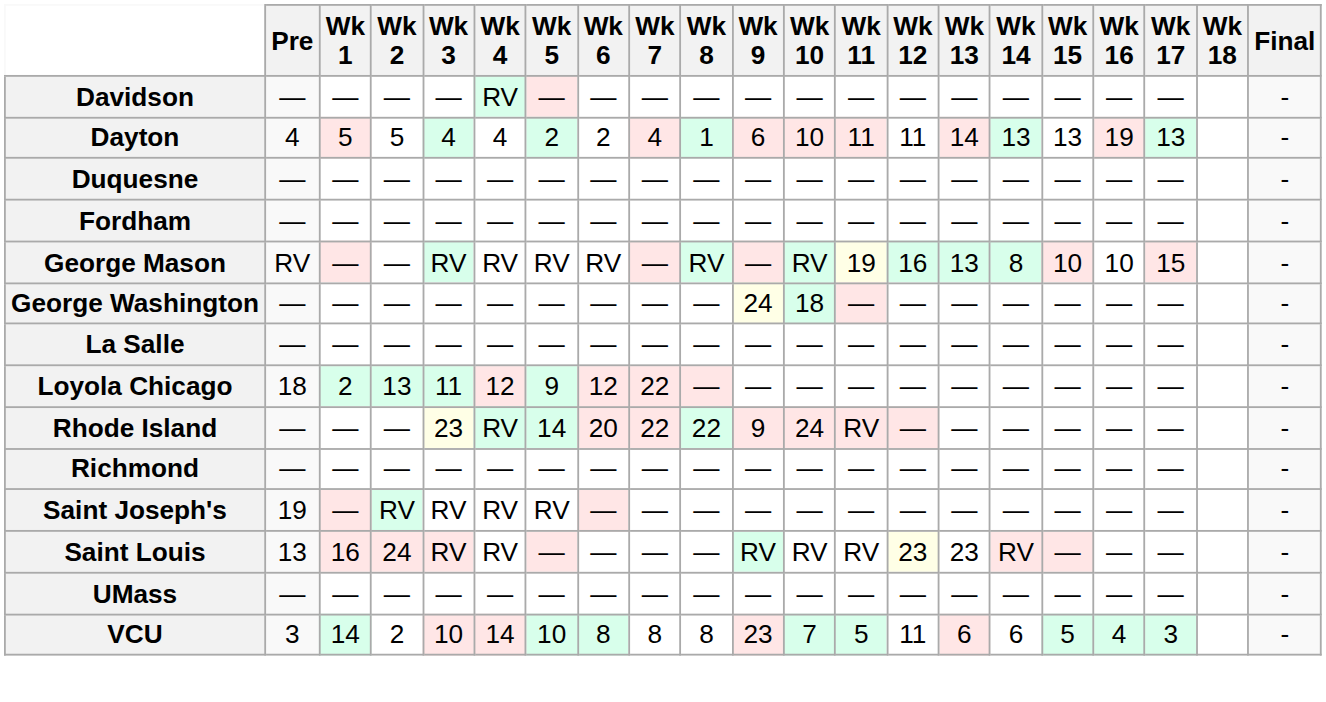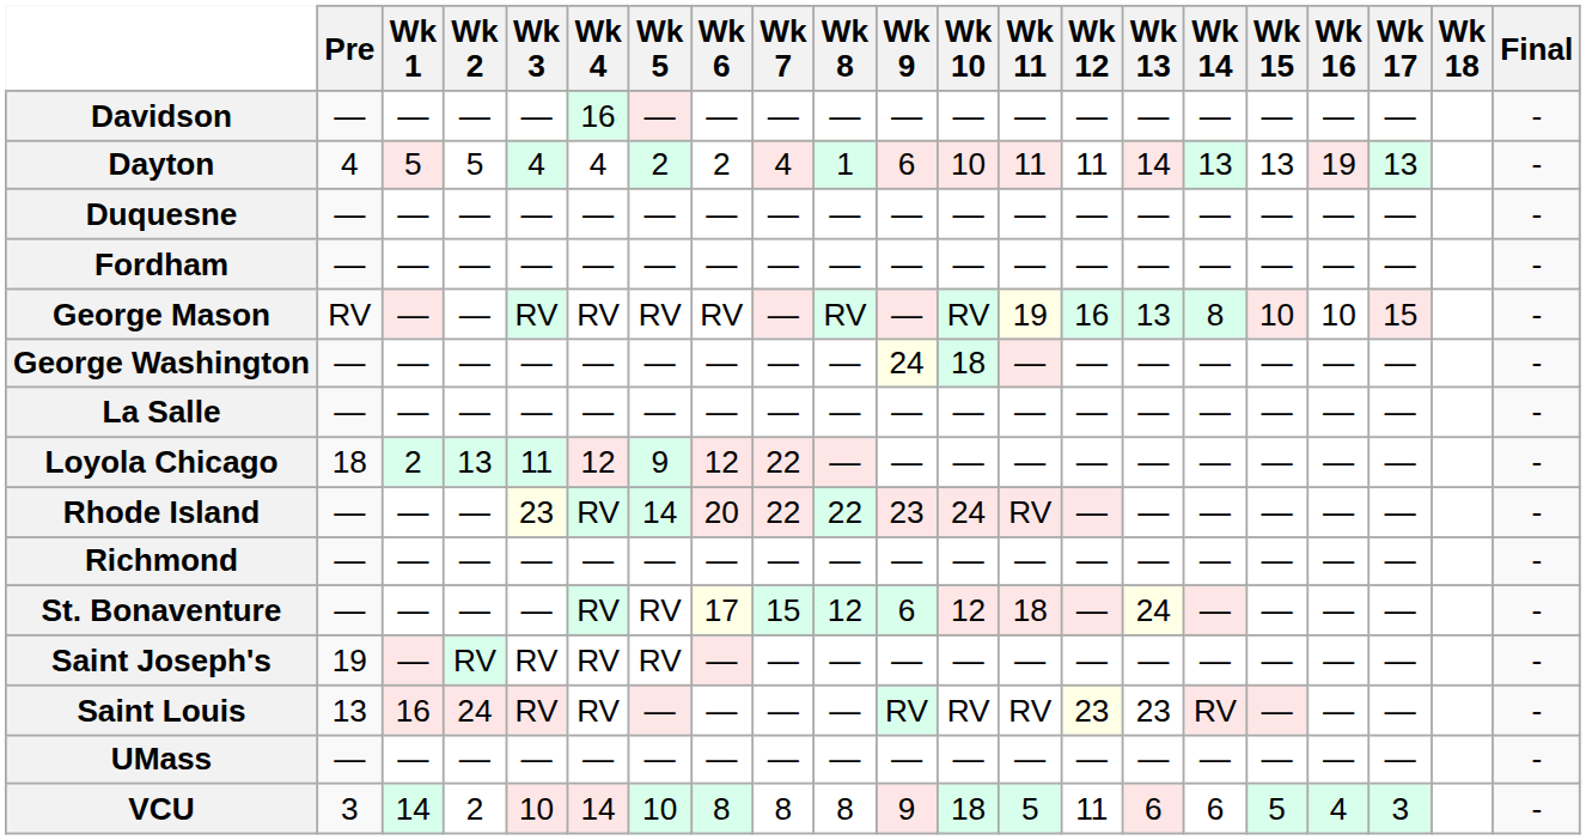 <table class="wikitable" style="white-space:nowrap;font-size:90%;">
 <tr>
 <th style="background:white; border-top-style:hidden; border-left-style:hidden;"> </th>
 <th>Pre</th>
 <th>Wk<br>1</th>
 <th>Wk<br>2</th>
 <th>Wk<br>3</th>
 <th>Wk<br>4</th>
 <th>Wk<br>5</th>
 <th>Wk<br>6</th>
 <th>Wk<br>7</th>
 <th>Wk<br>8</th>
 <th>Wk<br>9</th>
 <th>Wk<br>10</th>
 <th>Wk<br>11</th>
 <th>Wk<br>12</th>
 <th>Wk<br>13</th>
 <th>Wk<br>14</th>
 <th>Wk<br>15</th>
 <th>Wk<br>16</th>
 <th>Wk<br>17</th>
 <th>Wk<br>18</th>
 <th>Final</th>
 </tr>
 <tr style="text-align:center;">
 <th>Davidson</th>
 <td>—</td>
 <td style="background:#FFF;">—</td>
 <td style="background:#FFF;">—</td>
 <td style="background:#FFF;">—</td>
-<td style="background:#D8FFEB;">RV</td>
+<td style="background:#D8FFEB;">16</td>
 <td style="background:#FFE6E6;">—</td>
 <td style="background:#FFF;">—</td>
 <td style="background:#FFF;">—</td>
 <td style="background:#FFF;">—</td>
 <td style="background:#FFF;">—</td>
 <td style="background:#FFF;">—</td>
 <td style="background:#FFF;">—</td>
 <td style="background:#FFF;">—</td>
 <td style="background:#FFF;">—</td>
 <td style="background:#FFF;">—</td>
 <td style="background:#FFF;">—</td>
 <td style="background:#FFF;">—</td>
 <td style="background:#FFF;">—</td>
 <td style="background:#FFF;"></td>
 <td>-</td>
 </tr>
 <tr style="text-align:center;">
 <th>Dayton</th>
 <td>4</td>
 <td style="background:#FFE6E6;">5</td>
 <td style="background:#FFF;">5</td>
 <td style="background:#D8FFEB;">4</td>
 <td style="background:#FFF;">4</td>
 <td style="background:#D8FFEB;">2</td>
 <td style="background:#FFF;">2</td>
 <td style="background:#FFE6E6;">4</td>
 <td style="background:#D8FFEB;">1</td>
 <td style="background:#FFE6E6;">6</td>
 <td style="background:#FFE6E6;">10</td>
 <td style="background:#FFE6E6;">11</td>
 <td style="background:#FFF;">11</td>
 <td style="background:#FFE6E6;">14</td>
 <td style="background:#D8FFEB;">13</td>
 <td style="background:#FFF;">13</td>
 <td style="background:#FFE6E6;">19</td>
 <td style="background:#D8FFEB;">13</td>
 <td style="background:#FFF;"></td>
 <td>-</td>
 </tr>
 <tr style="text-align:center;">
 <th>Duquesne</th>
 <td>—</td>
 <td style="background:#FFF;">—</td>
 <td style="background:#FFF;">—</td>
 <td style="background:#FFF;">—</td>
 <td style="background:#FFF;">—</td>
 <td style="background:#FFF;">—</td>
 <td style="background:#FFF;">—</td>
 <td style="background:#FFF;">—</td>
 <td style="background:#FFF;">—</td>
 <td style="background:#FFF;">—</td>
 <td style="background:#FFF;">—</td>
 <td style="background:#FFF;">—</td>
 <td style="background:#FFF;">—</td>
 <td style="background:#FFF;">—</td>
 <td style="background:#FFF;">—</td>
 <td style="background:#FFF;">—</td>
 <td style="background:#FFF;">—</td>
 <td style="background:#FFF;">—</td>
 <td style="background:#FFF;"></td>
 <td>-</td>
 </tr>
 <tr style="text-align:center;">
 <th>Fordham</th>
 <td>—</td>
 <td style="background:#FFF;">—</td>
 <td style="background:#FFF;">—</td>
 <td style="background:#FFF;">—</td>
 <td style="background:#FFF;">—</td>
 <td style="background:#FFF;">—</td>
 <td style="background:#FFF;">—</td>
 <td style="background:#FFF;">—</td>
 <td style="background:#FFF;">—</td>
 <td style="background:#FFF;">—</td>
 <td style="background:#FFF;">—</td>
 <td style="background:#FFF;">—</td>
 <td style="background:#FFF;">—</td>
 <td style="background:#FFF;">—</td>
 <td style="background:#FFF;">—</td>
 <td style="background:#FFF;">—</td>
 <td style="background:#FFF;">—</td>
 <td style="background:#FFF;">—</td>
 <td style="background:#FFF;"></td>
 <td>-</td>
 </tr>
 <tr style="text-align:center;">
 <th>George Mason</th>
 <td>RV</td>
 <td style="background:#FFE6E6;">—</td>
 <td style="background:#FFF;">—</td>
 <td style="background:#D8FFEB;">RV</td>
 <td style="background:#FFF;">RV</td>
 <td style="background:#FFF;">RV</td>
 <td style="background:#FFF;">RV</td>
 <td style="background:#FFE6E6;">—</td>
 <td style="background:#D8FFEB;">RV</td>
 <td style="background:#FFE6E6;">—</td>
 <td style="background:#D8FFEB;">RV</td>
 <td style="background:#FFFFE6;">19</td>
 <td style="background:#D8FFEB;">16</td>
 <td style="background:#D8FFEB;">13</td>
 <td style="background:#D8FFEB;">8</td>
 <td style="background:#FFE6E6;">10</td>
 <td style="background:#FFF;">10</td>
 <td style="background:#FFE6E6;">15</td>
 <td style="background:#FFF;"></td>
 <td>-</td>
 </tr>
 <tr style="text-align:center;">
 <th>George Washington</th>
 <td>—</td>
 <td style="background:#FFF;">—</td>
 <td style="background:#FFF;">—</td>
 <td style="background:#FFF;">—</td>
 <td style="background:#FFF;">—</td>
 <td style="background:#FFF;">—</td>
 <td style="background:#FFF;">—</td>
 <td style="background:#FFF;">—</td>
 <td style="background:#FFF;">—</td>
 <td style="background:#FFFFE6;">24</td>
 <td style="background:#D8FFEB;">18</td>
 <td style="background:#FFE6E6;">—</td>
 <td style="background:#FFF;">—</td>
 <td style="background:#FFF;">—</td>
 <td style="background:#FFF;">—</td>
 <td style="background:#FFF;">—</td>
 <td style="background:#FFF;">—</td>
 <td style="background:#FFF;">—</td>
 <td style="background:#FFF;"></td>
 <td>-</td>
 </tr>
 <tr style="text-align:center;">
 <th>La Salle</th>
 <td>—</td>
 <td style="background:#FFF;">—</td>
 <td style="background:#FFF;">—</td>
 <td style="background:#FFF;">—</td>
 <td style="background:#FFF;">—</td>
 <td style="background:#FFF;">—</td>
 <td style="background:#FFF;">—</td>
 <td style="background:#FFF;">—</td>
 <td style="background:#FFF;">—</td>
 <td style="background:#FFF;">—</td>
 <td style="background:#FFF;">—</td>
 <td style="background:#FFF;">—</td>
 <td style="background:#FFF;">—</td>
 <td style="background:#FFF;">—</td>
 <td style="background:#FFF;">—</td>
 <td style="background:#FFF;">—</td>
 <td style="background:#FFF;">—</td>
 <td style="background:#FFF;">—</td>
 <td style="background:#FFF;"></td>
 <td>-</td>
 </tr>
 <tr style="text-align:center;">
 <th>Loyola Chicago</th>
 <td>18</td>
 <td style="background:#D8FFEB;">2</td>
 <td style="background:#D8FFEB;">13</td>
 <td style="background:#D8FFEB;">11</td>
 <td style="background:#FFE6E6;">12</td>
 <td style="background:#D8FFEB;">9</td>
 <td style="background:#FFE6E6;">12</td>
 <td style="background:#FFE6E6;">22</td>
 <td style="background:#FFE6E6;">—</td>
 <td style="background:#FFF;">—</td>
 <td style="background:#FFF;">—</td>
 <td style="background:#FFF;">—</td>
 <td style="background:#FFF;">—</td>
 <td style="background:#FFF;">—</td>
 <td style="background:#FFF;">—</td>
 <td style="background:#FFF;">—</td>
 <td style="background:#FFF;">—</td>
 <td style="background:#FFF;">—</td>
 <td style="background:#FFF;"></td>
 <td>-</td>
 </tr>
 <tr style="text-align:center;">
 <th>Rhode Island</th>
 <td>—</td>
 <td style="background:#FFF;">—</td>
 <td style="background:#FFF;">—</td>
 <td style="background:#FFFFE6;">23</td>
 <td style="background:#D8FFEB;">RV</td>
 <td style="background:#D8FFEB;">14</td>
 <td style="background:#FFE6E6;">20</td>
 <td style="background:#FFE6E6;">22</td>
 <td style="background:#D8FFEB;">22</td>
-<td style="background:#FFE6E6;">9</td>
+<td style="background:#FFE6E6;">23</td>
 <td style="background:#FFE6E6;">24</td>
 <td style="background:#FFE6E6;">RV</td>
 <td style="background:#FFE6E6;">—</td>
 <td style="background:#FFF;">—</td>
 <td style="background:#FFF;">—</td>
 <td style="background:#FFF;">—</td>
 <td style="background:#FFF;">—</td>
 <td style="background:#FFF;">—</td>
 <td style="background:#FFF;"></td>
 <td>-</td>
 </tr>
 <tr style="text-align:center;">
 <th>Richmond</th>
 <td>—</td>
 <td style="background:#FFF;">—</td>
 <td style="background:#FFF;">—</td>
 <td style="background:#FFF;">—</td>
 <td style="background:#FFF;">—</td>
 <td style="background:#FFF;">—</td>
 <td style="background:#FFF;">—</td>
 <td style="background:#FFF;">—</td>
 <td style="background:#FFF;">—</td>
 <td style="background:#FFF;">—</td>
 <td style="background:#FFF;">—</td>
 <td style="background:#FFF;">—</td>
 <td style="background:#FFF;">—</td>
 <td style="background:#FFF;">—</td>
 <td style="background:#FFF;">—</td>
+<td style="background:#FFF;">—</td>
+<td style="background:#FFF;">—</td>
+<td style="background:#FFF;">—</td>
+<td style="background:#FFF;"></td>
+<td>-</td>
+</tr>
+<tr style="text-align:center;">
+<th>St. Bonaventure</th>
+<td>—</td>
+<td style="background:#FFF;">—</td>
+<td style="background:#FFF;">—</td>
+<td style="background:#FFF;">—</td>
+<td style="background:#D8FFEB;">RV</td>
+<td style="background:#FFF;">RV</td>
+<td style="background:#FFFFE6;">17</td>
+<td style="background:#D8FFEB;">15</td>
+<td style="background:#D8FFEB;">12</td>
+<td style="background:#D8FFEB;">6</td>
+<td style="background:#FFE6E6;">12</td>
+<td style="background:#FFE6E6;">18</td>
+<td style="background:#FFE6E6;">—</td>
+<td style="background:#FFFFE6;">24</td>
+<td style="background:#FFE6E6;">—</td>
 <td style="background:#FFF;">—</td>
 <td style="background:#FFF;">—</td>
 <td style="background:#FFF;">—</td>
 <td style="background:#FFF;"></td>
 <td>-</td>
 </tr>
 <tr style="text-align:center;">
 <th>Saint Joseph's</th>
 <td>19</td>
 <td style="background:#FFE6E6;">—</td>
 <td style="background:#D8FFEB;">RV</td>
 <td style="background:#FFF;">RV</td>
 <td style="background:#FFF;">RV</td>
 <td style="background:#FFF;">RV</td>
 <td style="background:#FFE6E6;">—</td>
 <td style="background:#FFF;">—</td>
 <td style="background:#FFF;">—</td>
 <td style="background:#FFF;">—</td>
 <td style="background:#FFF;">—</td>
 <td style="background:#FFF;">—</td>
 <td style="background:#FFF;">—</td>
 <td style="background:#FFF;">—</td>
 <td style="background:#FFF;">—</td>
 <td style="background:#FFF;">—</td>
 <td style="background:#FFF;">—</td>
 <td style="background:#FFF;">—</td>
 <td style="background:#FFF;"></td>
 <td>-</td>
 </tr>
 <tr style="text-align:center;">
 <th>Saint Louis</th>
 <td>13</td>
 <td style="background:#FFE6E6;">16</td>
 <td style="background:#FFE6E6;">24</td>
 <td style="background:#FFE6E6;">RV</td>
 <td style="background:#FFF;">RV</td>
 <td style="background:#FFE6E6;">—</td>
 <td style="background:#FFF;">—</td>
 <td style="background:#FFF;">—</td>
 <td style="background:#FFF;">—</td>
 <td style="background:#D8FFEB;">RV</td>
 <td style="background:#FFF;">RV</td>
 <td style="background:#FFF;">RV</td>
 <td style="background:#FFFFE6;">23</td>
 <td style="background:#FFF;">23</td>
 <td style="background:#FFE6E6;">RV</td>
 <td style="background:#FFE6E6;">—</td>
 <td style="background:#FFF;">—</td>
 <td style="background:#FFF;">—</td>
 <td style="background:#FFF;"></td>
 <td>-</td>
 </tr>
 <tr style="text-align:center;">
 <th>UMass</th>
 <td>—</td>
 <td style="background:#FFF;">—</td>
 <td style="background:#FFF;">—</td>
 <td style="background:#FFF;">—</td>
 <td style="background:#FFF;">—</td>
 <td style="background:#FFF;">—</td>
 <td style="background:#FFF;">—</td>
 <td style="background:#FFF;">—</td>
 <td style="background:#FFF;">—</td>
 <td style="background:#FFF;">—</td>
 <td style="background:#FFF;">—</td>
 <td style="background:#FFF;">—</td>
 <td style="background:#FFF;">—</td>
 <td style="background:#FFF;">—</td>
 <td style="background:#FFF;">—</td>
 <td style="background:#FFF;">—</td>
 <td style="background:#FFF;">—</td>
 <td style="background:#FFF;">—</td>
 <td style="background:#FFF;"></td>
 <td>-</td>
 </tr>
 <tr style="text-align:center;">
 <th>VCU</th>
 <td>3</td>
 <td style="background:#D8FFEB;">14</td>
 <td style="background:#FFF;">2</td>
 <td style="background:#FFE6E6;">10</td>
 <td style="background:#FFE6E6;">14</td>
 <td style="background:#D8FFEB;">10</td>
 <td style="background:#D8FFEB;">8</td>
 <td style="background:#FFF;">8</td>
 <td style="background:#FFF;">8</td>
-<td style="background:#FFE6E6;">23</td>
-<td style="background:#D8FFEB;">7</td>
+<td style="background:#FFE6E6;">9</td>
+<td style="background:#D8FFEB;">18</td>
 <td style="background:#D8FFEB;">5</td>
 <td style="background:#FFF;">11</td>
 <td style="background:#FFE6E6;">6</td>
 <td style="background:#FFF;">6</td>
 <td style="background:#D8FFEB;">5</td>
 <td style="background:#D8FFEB;">4</td>
 <td style="background:#D8FFEB;">3</td>
 <td style="background:#FFF;"></td>
 <td>-</td>
 </tr>
 </table>
